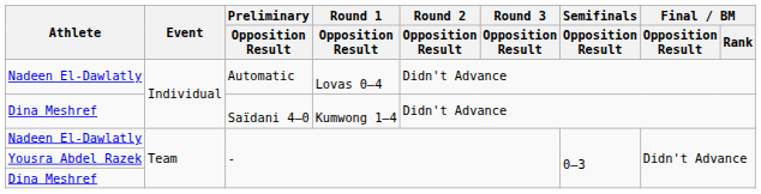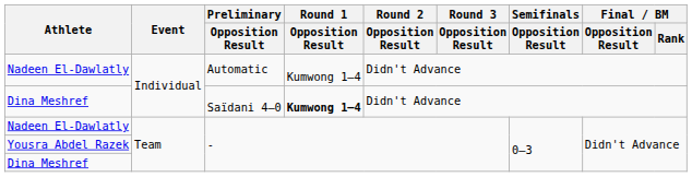 <table class="wikitable">
 <tr>
 <th rowspan="2">Athlete</th>
 <th rowspan="2">Event</th>
 <th>Preliminary</th>
 <th>Round 1</th>
 <th>Round 2</th>
 <th>Round 3</th>
 <th>Semifinals</th>
 <th colspan="2">Final / <abbr>BM</abbr></th>
 </tr>
 <tr>
 <th>Opposition<br>Result</th>
 <th>Opposition<br>Result</th>
 <th>Opposition<br>Result</th>
 <th>Opposition<br>Result</th>
 <th>Opposition<br>Result</th>
 <th>Opposition<br>Result</th>
 <th>Rank</th>
 </tr>
 <tr>
 <td><a href='#'>Nadeen El-Dawlatly</a></td>
 <td rowspan="2">Individual</td>
 <td>Automatic</td>
-<td><br>Lovas 0–4</td>
+<td><br>Kumwong 1–4</td>
 <td colspan="5">Didn't Advance</td>
 </tr>
 <tr>
 <td><a href='#'>Dina Meshref</a></td>
 <td><br>Saïdani 4–0</td>
-<td><br>Kumwong 1–4</td>
+<td><strong><br>Kumwong 1–4</strong></td>
 <td colspan="5">Didn't Advance</td>
 </tr>
 <tr>
 <td><a href='#'>Nadeen El-Dawlatly</a></td>
 <td rowspan="3">Team</td>
 <td colspan="4" rowspan="3">-</td>
 <td rowspan="3"><br>0–3</td>
 <td colspan="2" rowspan="3">Didn't Advance</td>
 </tr>
 <tr>
 <td><a href='#'>Yousra Abdel Razek</a></td>
 </tr>
 <tr>
 <td><a href='#'>Dina Meshref</a></td>
 </tr>
 </table>
